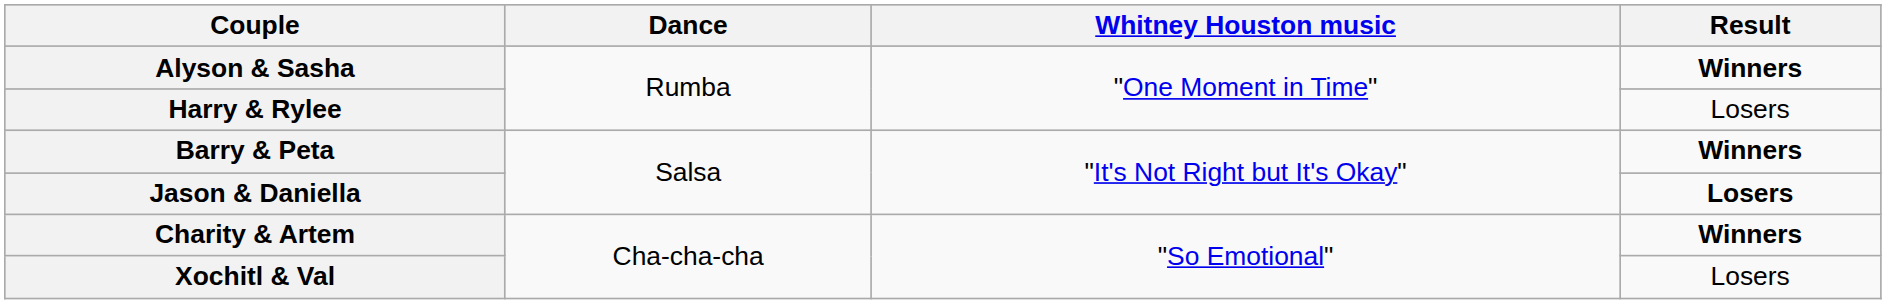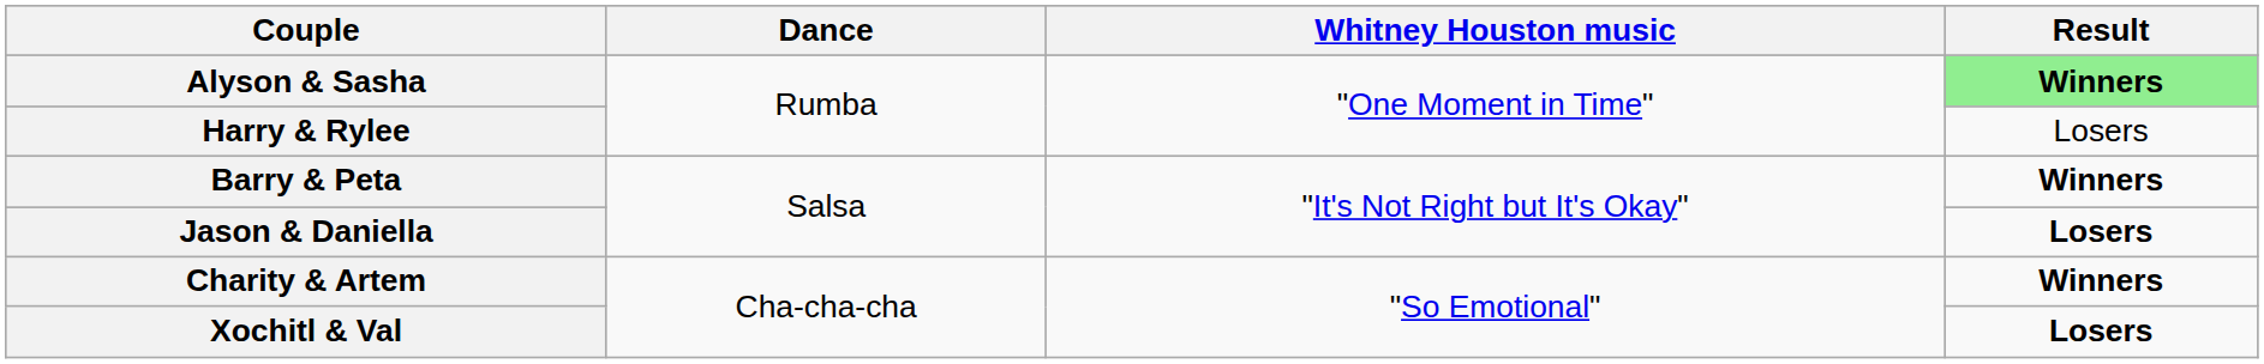 <table class="wikitable unsortable" style="text-align:center; width: 90%">
 <tr>
 <th scope="col">Couple</th>
 <th scope="col">Dance</th>
 <th scope="col"><a href='#'>Whitney Houston music</a></th>
 <th scope="col">Result</th>
 </tr>
 <tr>
 <th scope="row">Alyson & Sasha</th>
 <td rowspan="2">Rumba</td>
 <td rowspan="2">"<a href='#'>One Moment in Time</a>"</td>
-<td><strong>Winners</strong></td>
+<td style="background: lightgreen;"><strong>Winners</strong></td>
 </tr>
 <tr>
 <th scope="row">Harry & Rylee</th>
 <td>Losers</td>
 </tr>
 <tr>
 <th scope="row">Barry & Peta</th>
 <td rowspan="2">Salsa</td>
 <td rowspan="2">"<a href='#'>It's Not Right but It's Okay</a>"</td>
 <td><strong>Winners</strong></td>
 </tr>
 <tr>
 <th scope="row">Jason & Daniella</th>
 <td><strong>Losers</strong></td>
 </tr>
 <tr>
 <th scope="row">Charity & Artem</th>
 <td rowspan="2">Cha-cha-cha</td>
 <td rowspan="2">"<a href='#'>So Emotional</a>"</td>
 <td><strong>Winners</strong></td>
 </tr>
 <tr>
 <th scope="row">Xochitl & Val</th>
-<td>Losers</td>
+<td><strong>Losers</strong></td>
 </tr>
 </table>
